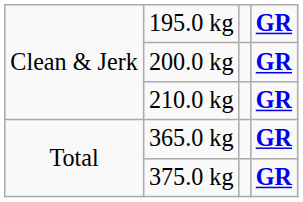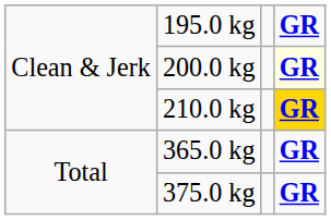 <table class = "wikitable" style="text-align:center;">
 <tr>
 <td rowspan=3>Clean & Jerk</td>
 <td>195.0 kg</td>
 <td align=left></td>
 <td><strong><a href='#'>GR</a></strong></td>
 </tr>
 <tr>
 <td>200.0 kg</td>
 <td align=left></td>
-<td><strong><a href='#'>GR</a></strong></td>
+<td style="background: lightyellow;"><strong><a href='#'>GR</a></strong></td>
 </tr>
 <tr>
 <td>210.0 kg</td>
 <td align=left></td>
-<td><strong><a href='#'>GR</a></strong></td>
+<td style="background: gold;"><strong><a href='#'>GR</a></strong></td>
 </tr>
 <tr>
 <td rowspan=2>Total</td>
 <td>365.0 kg</td>
 <td align=left></td>
 <td><strong><a href='#'>GR</a></strong></td>
 </tr>
 <tr>
 <td>375.0 kg</td>
 <td align=left></td>
 <td><strong><a href='#'>GR</a></strong></td>
 </tr>
 </table>
